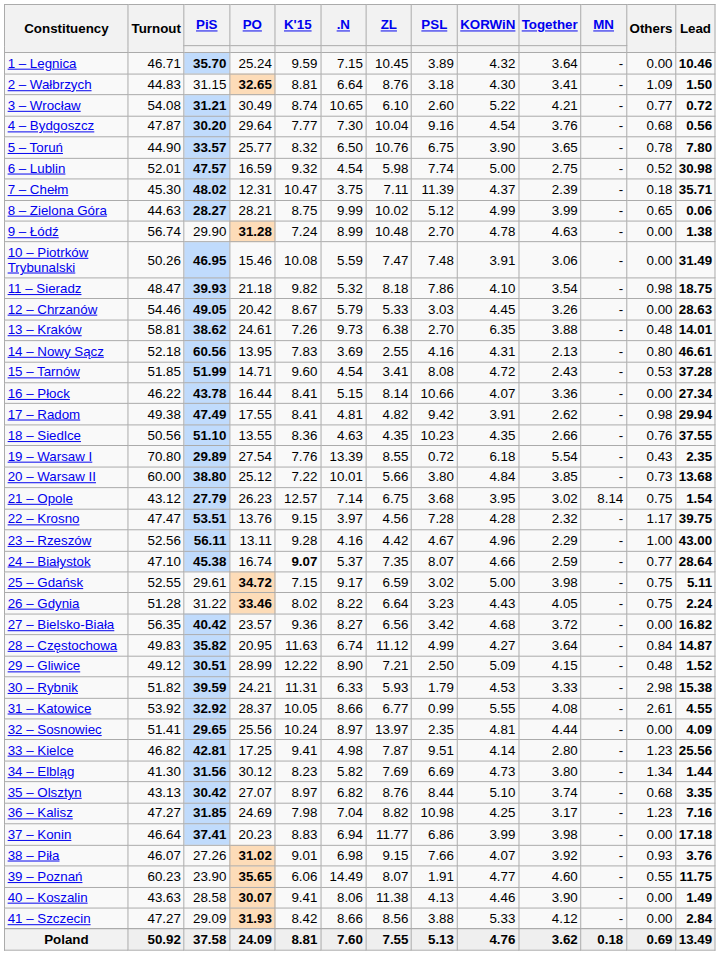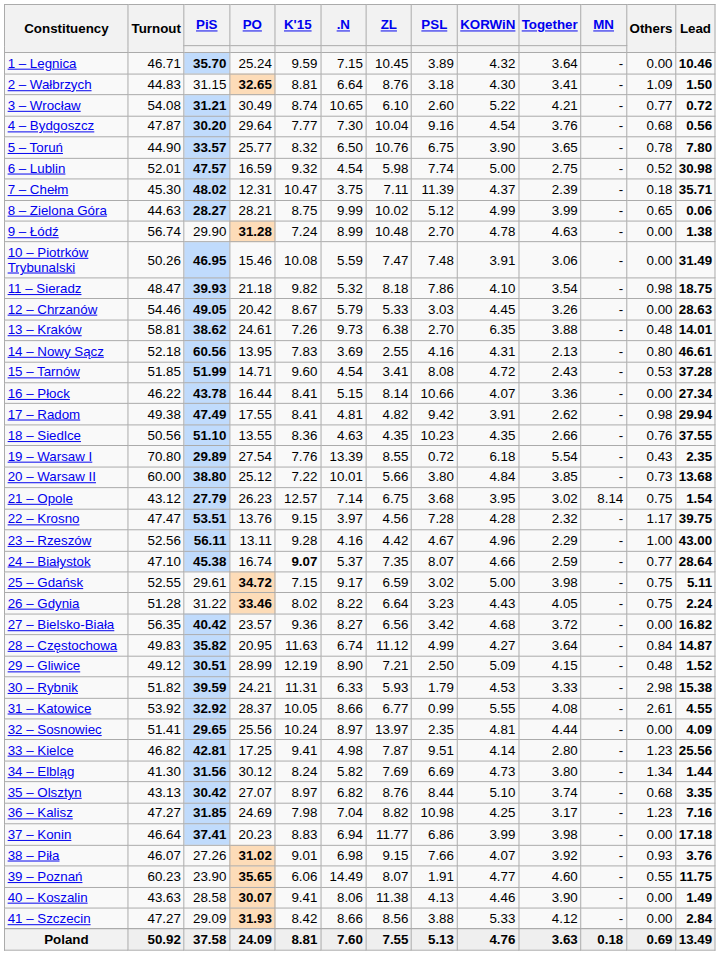 <table class="wikitable sortable collapsible" style="text-align:right; font-size:85%">
 <tr style="height:42px; text-align:center; background-color:#E9E9E9;">
 <th rowspan="2" style="width:120px;">Constituency</th>
 <th rowspan="2" data-sort-type="number" style="width:30px;">Turnout</th>
 <th style="width:40px;" class="unsortable"><a href='#'><span>PiS</span></a></th>
 <th style="width:40px;" class="unsortable"><a href='#'><span>PO</span></a></th>
 <th style="width:40px;" class="unsortable"><a href='#'><span>K'15</span></a></th>
 <th style="width:40px;" class="unsortable"><a href='#'><span>.N</span></a></th>
 <th style="width:40px;" class="unsortable"><a href='#'><span>ZL</span></a></th>
 <th style="width:40px;" class="unsortable"><a href='#'><span>PSL</span></a></th>
 <th style="width:40px;" class="unsortable"><a href='#'><span>KORWiN</span></a></th>
 <th style="width:40px;" class="unsortable"><a href='#'>Together</a></th>
 <th style="width:40px;" class="unsortable"><a href='#'><span>MN</span></a></th>
 <th rowspan="2" data-sort-type="number" style="width:40px;">Others</th>
 <th rowspan="2" data-sort-type="number" style="width:30px;">Lead</th>
 </tr>
 <tr>
 <th data-sort-type="number" style="height:1px; background:"></th>
 <th data-sort-type="number" style="height:1px; background:"></th>
 <th data-sort-type="number" style="height:1px; background:"></th>
 <th data-sort-type="number" style="height:1px; background:"></th>
 <th data-sort-type="number" style="height:1px; background:"></th>
 <th data-sort-type="number" style="height:1px; background:"></th>
 <th data-sort-type="number" style="height:1px; background:"></th>
 <th data-sort-type="number" style="height:1px; background:"></th>
 <th data-sort-type="number" style="height:1px; background:"></th>
 </tr>
 <tr>
 <td align=left><a href='#'>1 – Legnica</a></td>
 <td>46.71</td>
 <td style="font-weight:bold; background:#C0DBFC">35.70</td>
 <td>25.24</td>
 <td>9.59</td>
 <td>7.15</td>
 <td>10.45</td>
 <td>3.89</td>
 <td>4.32</td>
 <td>3.64</td>
 <td>-</td>
 <td>0.00</td>
 <td style="background:"><strong>10.46</strong></td>
 </tr>
 <tr>
 <td align=left><a href='#'>2 – Wałbrzych</a></td>
 <td>44.83</td>
 <td>31.15</td>
 <td style="font-weight:bold; background:#FDDCB8">32.65</td>
 <td>8.81</td>
 <td>6.64</td>
 <td>8.76</td>
 <td>3.18</td>
 <td>4.30</td>
 <td>3.41</td>
 <td>-</td>
 <td>1.09</td>
 <td style="background:"><strong>1.50</strong></td>
 </tr>
 <tr>
 <td align=left><a href='#'>3 – Wrocław</a></td>
 <td>54.08</td>
 <td style="font-weight:bold; background:#C0DBFC">31.21</td>
 <td>30.49</td>
 <td>8.74</td>
 <td>10.65</td>
 <td>6.10</td>
 <td>2.60</td>
 <td>5.22</td>
 <td>4.21</td>
 <td>-</td>
 <td>0.77</td>
 <td style="background:"><strong>0.72</strong></td>
 </tr>
 <tr>
 <td align=left><a href='#'>4 – Bydgoszcz</a></td>
 <td>47.87</td>
 <td style="font-weight:bold; background:#C0DBFC">30.20</td>
 <td>29.64</td>
 <td>7.77</td>
 <td>7.30</td>
 <td>10.04</td>
 <td>9.16</td>
 <td>4.54</td>
 <td>3.76</td>
 <td>-</td>
 <td>0.68</td>
 <td style="background:"><strong>0.56</strong></td>
 </tr>
 <tr>
 <td align=left><a href='#'>5 – Toruń</a></td>
 <td>44.90</td>
 <td style="font-weight:bold; background:#C0DBFC">33.57</td>
 <td>25.77</td>
 <td>8.32</td>
 <td>6.50</td>
 <td>10.76</td>
 <td>6.75</td>
 <td>3.90</td>
 <td>3.65</td>
 <td>-</td>
 <td>0.78</td>
 <td style="background:"><strong>7.80</strong></td>
 </tr>
 <tr>
 <td align=left><a href='#'>6 – Lublin</a></td>
 <td>52.01</td>
 <td style="font-weight:bold; background:#C0DBFC">47.57</td>
 <td>16.59</td>
 <td>9.32</td>
 <td>4.54</td>
 <td>5.98</td>
 <td>7.74</td>
 <td>5.00</td>
 <td>2.75</td>
 <td>-</td>
 <td>0.52</td>
 <td style="background:"><strong>30.98</strong></td>
 </tr>
 <tr>
 <td align=left><a href='#'>7 – Chełm</a></td>
 <td>45.30</td>
 <td style="font-weight:bold; background:#C0DBFC">48.02</td>
 <td>12.31</td>
 <td>10.47</td>
 <td>3.75</td>
 <td>7.11</td>
 <td>11.39</td>
 <td>4.37</td>
 <td>2.39</td>
 <td>-</td>
 <td>0.18</td>
 <td style="background:"><strong>35.71</strong></td>
 </tr>
 <tr>
 <td align=left><a href='#'>8 – Zielona Góra</a></td>
 <td>44.63</td>
 <td style="font-weight:bold; background:#C0DBFC">28.27</td>
 <td>28.21</td>
 <td>8.75</td>
 <td>9.99</td>
 <td>10.02</td>
 <td>5.12</td>
 <td>4.99</td>
 <td>3.99</td>
 <td>-</td>
 <td>0.65</td>
 <td style="background:"><strong>0.06</strong></td>
 </tr>
 <tr>
 <td align=left><a href='#'>9 – Łódź</a></td>
 <td>56.74</td>
 <td>29.90</td>
 <td style="font-weight:bold; background:#FDDCB8">31.28</td>
 <td>7.24</td>
 <td>8.99</td>
 <td>10.48</td>
 <td>2.70</td>
 <td>4.78</td>
 <td>4.63</td>
 <td>-</td>
 <td>0.00</td>
 <td style="background:"><strong>1.38</strong></td>
 </tr>
 <tr>
 <td align=left><a href='#'>10 – Piotrków Trybunalski</a></td>
 <td>50.26</td>
 <td style="font-weight:bold; background:#C0DBFC">46.95</td>
 <td>15.46</td>
 <td>10.08</td>
 <td>5.59</td>
 <td>7.47</td>
 <td>7.48</td>
 <td>3.91</td>
 <td>3.06</td>
 <td>-</td>
 <td>0.00</td>
 <td style="background:"><strong>31.49</strong></td>
 </tr>
 <tr>
 <td align=left><a href='#'>11 – Sieradz</a></td>
 <td>48.47</td>
 <td style="font-weight:bold; background:#C0DBFC">39.93</td>
 <td>21.18</td>
 <td>9.82</td>
 <td>5.32</td>
 <td>8.18</td>
 <td>7.86</td>
 <td>4.10</td>
 <td>3.54</td>
 <td>-</td>
 <td>0.98</td>
 <td style="background:"><strong>18.75</strong></td>
 </tr>
 <tr>
 <td align=left><a href='#'>12 – Chrzanów</a></td>
 <td>54.46</td>
 <td style="font-weight:bold; background:#C0DBFC">49.05</td>
 <td>20.42</td>
 <td>8.67</td>
 <td>5.79</td>
 <td>5.33</td>
 <td>3.03</td>
 <td>4.45</td>
 <td>3.26</td>
 <td>-</td>
 <td>0.00</td>
 <td style="background:"><strong>28.63</strong></td>
 </tr>
 <tr>
 <td align=left><a href='#'>13 – Kraków</a></td>
 <td>58.81</td>
 <td style="font-weight:bold; background:#C0DBFC">38.62</td>
 <td>24.61</td>
 <td>7.26</td>
 <td>9.73</td>
 <td>6.38</td>
 <td>2.70</td>
 <td>6.35</td>
 <td>3.88</td>
 <td>-</td>
 <td>0.48</td>
 <td style="background:"><strong>14.01</strong></td>
 </tr>
 <tr>
 <td align=left><a href='#'>14 – Nowy Sącz</a></td>
 <td>52.18</td>
 <td style="font-weight:bold; background:#C0DBFC">60.56</td>
 <td>13.95</td>
 <td>7.83</td>
 <td>3.69</td>
 <td>2.55</td>
 <td>4.16</td>
 <td>4.31</td>
 <td>2.13</td>
 <td>-</td>
 <td>0.80</td>
 <td style="background:"><strong>46.61</strong></td>
 </tr>
 <tr>
 <td align=left><a href='#'>15 – Tarnów</a></td>
 <td>51.85</td>
 <td style="font-weight:bold; background:#C0DBFC">51.99</td>
 <td>14.71</td>
 <td>9.60</td>
 <td>4.54</td>
 <td>3.41</td>
 <td>8.08</td>
 <td>4.72</td>
 <td>2.43</td>
 <td>-</td>
 <td>0.53</td>
 <td style="background:"><strong>37.28</strong></td>
 </tr>
 <tr>
 <td align=left><a href='#'>16 – Płock</a></td>
 <td>46.22</td>
 <td style="font-weight:bold; background:#C0DBFC">43.78</td>
 <td>16.44</td>
 <td>8.41</td>
 <td>5.15</td>
 <td>8.14</td>
 <td>10.66</td>
 <td>4.07</td>
 <td>3.36</td>
 <td>-</td>
 <td>0.00</td>
 <td style="background:"><strong>27.34</strong></td>
 </tr>
 <tr>
 <td align=left><a href='#'>17 – Radom</a></td>
 <td>49.38</td>
 <td style="font-weight:bold; background:#C0DBFC">47.49</td>
 <td>17.55</td>
 <td>8.41</td>
 <td>4.81</td>
 <td>4.82</td>
 <td>9.42</td>
 <td>3.91</td>
 <td>2.62</td>
 <td>-</td>
 <td>0.98</td>
 <td style="background:"><strong>29.94</strong></td>
 </tr>
 <tr>
 <td align=left><a href='#'>18 – Siedlce</a></td>
 <td>50.56</td>
 <td style="font-weight:bold; background:#C0DBFC">51.10</td>
 <td>13.55</td>
 <td>8.36</td>
 <td>4.63</td>
 <td>4.35</td>
 <td>10.23</td>
 <td>4.35</td>
 <td>2.66</td>
 <td>-</td>
 <td>0.76</td>
 <td style="background:"><strong>37.55</strong></td>
 </tr>
 <tr>
 <td align=left><a href='#'>19 – Warsaw I</a></td>
 <td>70.80</td>
 <td style="font-weight:bold; background:#C0DBFC">29.89</td>
 <td>27.54</td>
 <td>7.76</td>
 <td>13.39</td>
 <td>8.55</td>
 <td>0.72</td>
 <td>6.18</td>
 <td>5.54</td>
 <td>-</td>
 <td>0.43</td>
 <td style="background:"><strong>2.35</strong></td>
 </tr>
 <tr>
 <td align=left><a href='#'>20 – Warsaw II</a></td>
 <td>60.00</td>
 <td style="font-weight:bold; background:#C0DBFC">38.80</td>
 <td>25.12</td>
 <td>7.22</td>
 <td>10.01</td>
 <td>5.66</td>
 <td>3.80</td>
 <td>4.84</td>
 <td>3.85</td>
 <td>-</td>
 <td>0.73</td>
 <td style="background:"><strong>13.68</strong></td>
 </tr>
 <tr>
 <td align=left><a href='#'>21 – Opole</a></td>
 <td>43.12</td>
 <td style="font-weight:bold; background:#C0DBFC">27.79</td>
 <td>26.23</td>
 <td>12.57</td>
 <td>7.14</td>
 <td>6.75</td>
 <td>3.68</td>
 <td>3.95</td>
 <td>3.02</td>
 <td>8.14</td>
 <td>0.75</td>
 <td style="background:"><strong>1.54</strong></td>
 </tr>
 <tr>
 <td align=left><a href='#'>22 – Krosno</a></td>
 <td>47.47</td>
 <td style="font-weight:bold; background:#C0DBFC">53.51</td>
 <td>13.76</td>
 <td>9.15</td>
 <td>3.97</td>
 <td>4.56</td>
 <td>7.28</td>
 <td>4.28</td>
 <td>2.32</td>
 <td>-</td>
 <td>1.17</td>
 <td style="background:"><strong>39.75</strong></td>
 </tr>
 <tr>
 <td align=left><a href='#'>23 – Rzeszów</a></td>
 <td>52.56</td>
 <td style="font-weight:bold; background:#C0DBFC">56.11</td>
 <td>13.11</td>
 <td>9.28</td>
 <td>4.16</td>
 <td>4.42</td>
 <td>4.67</td>
 <td>4.96</td>
 <td>2.29</td>
 <td>-</td>
 <td>1.00</td>
 <td style="background:"><strong>43.00</strong></td>
 </tr>
 <tr>
 <td align=left><a href='#'>24 – Białystok</a></td>
 <td>47.10</td>
 <td style="font-weight:bold; background:#C0DBFC">45.38</td>
 <td>16.74</td>
 <td><strong>9.07</strong></td>
 <td>5.37</td>
 <td>7.35</td>
 <td>8.07</td>
 <td>4.66</td>
 <td>2.59</td>
 <td>-</td>
 <td>0.77</td>
 <td style="background:"><strong>28.64</strong></td>
 </tr>
 <tr>
 <td align=left><a href='#'>25 – Gdańsk</a></td>
 <td>52.55</td>
 <td>29.61</td>
 <td style="font-weight:bold; background:#FDDCB8">34.72</td>
 <td>7.15</td>
 <td>9.17</td>
 <td>6.59</td>
 <td>3.02</td>
 <td>5.00</td>
 <td>3.98</td>
 <td>-</td>
 <td>0.75</td>
 <td style="background:"><strong>5.11</strong></td>
 </tr>
 <tr>
 <td align=left><a href='#'>26 – Gdynia</a></td>
 <td>51.28</td>
 <td>31.22</td>
 <td style="font-weight:bold; background:#FDDCB8">33.46</td>
 <td>8.02</td>
 <td>8.22</td>
 <td>6.64</td>
 <td>3.23</td>
 <td>4.43</td>
 <td>4.05</td>
 <td>-</td>
 <td>0.75</td>
 <td style="background:"><strong>2.24</strong></td>
 </tr>
 <tr>
 <td align=left><a href='#'>27 – Bielsko-Biała</a></td>
 <td>56.35</td>
 <td style="font-weight:bold; background:#C0DBFC">40.42</td>
 <td>23.57</td>
 <td>9.36</td>
 <td>8.27</td>
 <td>6.56</td>
 <td>3.42</td>
 <td>4.68</td>
 <td>3.72</td>
 <td>-</td>
 <td>0.00</td>
 <td style="background:"><strong>16.82</strong></td>
 </tr>
 <tr>
 <td align=left><a href='#'>28 – Częstochowa</a></td>
 <td>49.83</td>
 <td style="font-weight:bold; background:#C0DBFC">35.82</td>
 <td>20.95</td>
 <td>11.63</td>
 <td>6.74</td>
 <td>11.12</td>
 <td>4.99</td>
 <td>4.27</td>
 <td>3.64</td>
 <td>-</td>
 <td>0.84</td>
 <td style="background:"><strong>14.87</strong></td>
 </tr>
 <tr>
 <td align=left><a href='#'>29 – Gliwice</a></td>
 <td>49.12</td>
 <td style="font-weight:bold; background:#C0DBFC">30.51</td>
 <td>28.99</td>
-<td>12.22</td>
+<td>12.19</td>
 <td>8.90</td>
 <td>7.21</td>
 <td>2.50</td>
 <td>5.09</td>
 <td>4.15</td>
 <td>-</td>
 <td>0.48</td>
 <td style="background:"><strong>1.52</strong></td>
 </tr>
 <tr>
 <td align=left><a href='#'>30 – Rybnik</a></td>
 <td>51.82</td>
 <td style="font-weight:bold; background:#C0DBFC">39.59</td>
 <td>24.21</td>
 <td>11.31</td>
 <td>6.33</td>
 <td>5.93</td>
 <td>1.79</td>
 <td>4.53</td>
 <td>3.33</td>
 <td>-</td>
 <td>2.98</td>
 <td style="background:"><strong>15.38</strong></td>
 </tr>
 <tr>
 <td align=left><a href='#'>31 – Katowice</a></td>
 <td>53.92</td>
 <td style="font-weight:bold; background:#C0DBFC">32.92</td>
 <td>28.37</td>
 <td>10.05</td>
 <td>8.66</td>
 <td>6.77</td>
 <td>0.99</td>
 <td>5.55</td>
 <td>4.08</td>
 <td>-</td>
 <td>2.61</td>
 <td style="background:"><strong>4.55</strong></td>
 </tr>
 <tr>
 <td align=left><a href='#'>32 – Sosnowiec</a></td>
 <td>51.41</td>
 <td style="font-weight:bold; background:#C0DBFC">29.65</td>
 <td>25.56</td>
 <td>10.24</td>
 <td>8.97</td>
 <td>13.97</td>
 <td>2.35</td>
 <td>4.81</td>
 <td>4.44</td>
 <td>-</td>
 <td>0.00</td>
 <td style="background:"><strong>4.09</strong></td>
 </tr>
 <tr>
 <td align=left><a href='#'>33 – Kielce</a></td>
 <td>46.82</td>
 <td style="font-weight:bold; background:#C0DBFC">42.81</td>
 <td>17.25</td>
 <td>9.41</td>
 <td>4.98</td>
 <td>7.87</td>
 <td>9.51</td>
 <td>4.14</td>
 <td>2.80</td>
 <td>-</td>
 <td>1.23</td>
 <td style="background:"><strong>25.56</strong></td>
 </tr>
 <tr>
 <td align=left><a href='#'>34 – Elbląg</a></td>
 <td>41.30</td>
 <td style="font-weight:bold; background:#C0DBFC">31.56</td>
 <td>30.12</td>
-<td>8.23</td>
+<td>8.24</td>
 <td>5.82</td>
 <td>7.69</td>
 <td>6.69</td>
 <td>4.73</td>
 <td>3.80</td>
 <td>-</td>
 <td>1.34</td>
 <td style="background:"><strong>1.44</strong></td>
 </tr>
 <tr>
 <td align=left><a href='#'>35 – Olsztyn</a></td>
 <td>43.13</td>
 <td style="font-weight:bold; background:#C0DBFC">30.42</td>
 <td>27.07</td>
 <td>8.97</td>
 <td>6.82</td>
 <td>8.76</td>
 <td>8.44</td>
 <td>5.10</td>
 <td>3.74</td>
 <td>-</td>
 <td>0.68</td>
 <td style="background:"><strong>3.35</strong></td>
 </tr>
 <tr>
 <td align=left><a href='#'>36 – Kalisz</a></td>
 <td>47.27</td>
 <td style="font-weight:bold; background:#C0DBFC">31.85</td>
 <td>24.69</td>
 <td>7.98</td>
 <td>7.04</td>
 <td>8.82</td>
 <td>10.98</td>
 <td>4.25</td>
 <td>3.17</td>
 <td>-</td>
 <td>1.23</td>
 <td style="background:"><strong>7.16</strong></td>
 </tr>
 <tr>
 <td align=left><a href='#'>37 – Konin</a></td>
 <td>46.64</td>
 <td style="font-weight:bold; background:#C0DBFC">37.41</td>
 <td>20.23</td>
 <td>8.83</td>
 <td>6.94</td>
 <td>11.77</td>
 <td>6.86</td>
 <td>3.99</td>
 <td>3.98</td>
 <td>-</td>
 <td>0.00</td>
 <td style="background:"><strong>17.18</strong></td>
 </tr>
 <tr>
 <td align=left><a href='#'>38 – Piła</a></td>
 <td>46.07</td>
 <td>27.26</td>
 <td style="font-weight:bold; background:#FDDCB8">31.02</td>
 <td>9.01</td>
 <td>6.98</td>
 <td>9.15</td>
 <td>7.66</td>
 <td>4.07</td>
 <td>3.92</td>
 <td>-</td>
 <td>0.93</td>
 <td style="background:"><strong>3.76</strong></td>
 </tr>
 <tr>
 <td align=left><a href='#'>39 – Poznań</a></td>
 <td>60.23</td>
 <td>23.90</td>
 <td style="font-weight:bold; background:#FDDCB8">35.65</td>
 <td>6.06</td>
 <td>14.49</td>
 <td>8.07</td>
 <td>1.91</td>
 <td>4.77</td>
 <td>4.60</td>
 <td>-</td>
 <td>0.55</td>
 <td style="background:"><strong>11.75</strong></td>
 </tr>
 <tr>
 <td align=left><a href='#'>40 – Koszalin</a></td>
 <td>43.63</td>
 <td>28.58</td>
 <td style="font-weight:bold; background:#FDDCB8">30.07</td>
 <td>9.41</td>
 <td>8.06</td>
 <td>11.38</td>
 <td>4.13</td>
 <td>4.46</td>
 <td>3.90</td>
 <td>-</td>
 <td>0.00</td>
 <td style="background:"><strong>1.49</strong></td>
 </tr>
 <tr>
 <td align=left><a href='#'>41 – Szczecin</a></td>
 <td>47.27</td>
 <td>29.09</td>
 <td style="font-weight:bold; background:#FDDCB8">31.93</td>
 <td>8.42</td>
 <td>8.66</td>
 <td>8.56</td>
 <td>3.88</td>
 <td>5.33</td>
 <td>4.12</td>
 <td>-</td>
 <td>0.00</td>
 <td style="background:"><strong>2.84</strong></td>
 </tr>
 <tr>
 </tr>
 <tr style="background:#EFEFEF; font-weight:bold;">
 <th allign=center>Poland</th>
 <td>50.92</td>
 <td>37.58</td>
 <td>24.09</td>
 <td>8.81</td>
 <td>7.60</td>
 <td>7.55</td>
 <td>5.13</td>
 <td>4.76</td>
-<td>3.62</td>
+<td>3.63</td>
 <td>0.18</td>
 <td>0.69</td>
 <td>13.49</td>
 </tr>
 </table>
